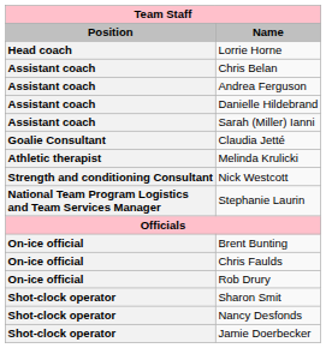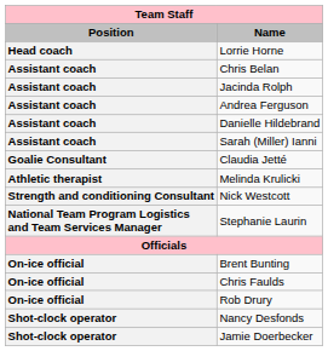 <table class="wikitable" style="text-align:left; font-size:90%;">
 <tr>
 <th style=background:pink colspan=2>Team Staff</th>
 </tr>
 <tr>
 <th style="background:silver;">Position</th>
 <th style="background:silver;">Name</th>
 </tr>
 <tr>
 <th style="text-align:left;">Head coach</th>
 <td>Lorrie Horne</td>
 </tr>
 <tr>
 <th style="text-align:left;">Assistant coach</th>
 <td>Chris Belan</td>
+</tr>
+<tr>
+<th style="text-align:left;">Assistant coach</th>
+<td>Jacinda Rolph</td>
 </tr>
 <tr>
 <th style="text-align:left;">Assistant coach</th>
 <td>Andrea Ferguson</td>
 </tr>
 <tr>
 <th style="text-align:left;">Assistant coach</th>
 <td>Danielle Hildebrand</td>
 </tr>
 <tr>
 <th style="text-align:left;">Assistant coach</th>
 <td>Sarah (Miller) Ianni</td>
 </tr>
 <tr>
 <th style="text-align:left;">Goalie Consultant</th>
 <td>Claudia Jetté</td>
 </tr>
 <tr>
 <th style="text-align:left;">Athletic therapist</th>
 <td>Melinda Krulicki</td>
 </tr>
 <tr>
 <th style="text-align:left;">Strength and conditioning Consultant</th>
 <td>Nick Westcott</td>
 </tr>
 <tr>
 <th style="text-align:left;">National Team Program Logistics<br>and Team Services Manager</th>
 <td>Stephanie Laurin</td>
 </tr>
 <tr>
 <th style=background:pink colspan=2>Officials</th>
 </tr>
 <tr>
 <th style="text-align:left;">On-ice official</th>
 <td>Brent Bunting</td>
 </tr>
 <tr>
 <th style="text-align:left;">On-ice official</th>
 <td>Chris Faulds</td>
 </tr>
 <tr>
 <th style="text-align:left;">On-ice official</th>
 <td>Rob Drury</td>
 </tr>
 <tr>
 <th style="text-align:left;">Shot-clock operator</th>
-<td>Sharon Smit</td>
-</tr>
-<tr>
-<th style="text-align:left;">Shot-clock operator</th>
 <td>Nancy Desfonds</td>
 </tr>
 <tr>
 <th style="text-align:left;">Shot-clock operator</th>
 <td>Jamie Doerbecker</td>
 </tr>
 </table>
